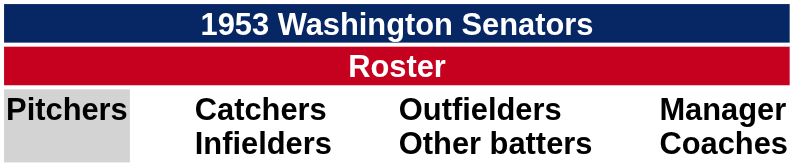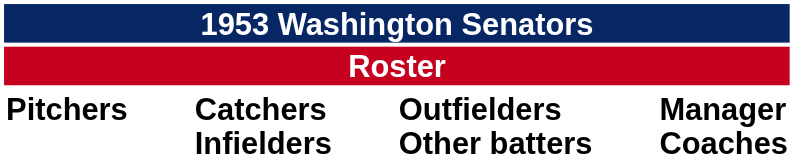 <table class="toccolours" style="font-size: 95%;">
 <tr>
 <th colspan="10" style="background-color: #072764; color: white; text-align: center;">1953 Washington Senators</th>
 </tr>
 <tr>
 <td colspan="10" style="background-color: #c6011f; color: white; text-align: center;"><strong>Roster</strong></td>
 </tr>
 <tr>
-<td valign="top" style="background: lightgrey;"><strong>Pitchers</strong><br>              </td>
+<td valign="top"><strong>Pitchers</strong><br>              </td>
 <td width="25px"></td>
 <td valign="top"><strong>Catchers</strong><br>     <strong>Infielders</strong>          </td>
 <td width="25px"></td>
 <td valign="top"><strong>Outfielders</strong><br>        <strong>Other batters</strong> </td>
 <td width="25px"></td>
 <td valign="top"><strong>Manager</strong><br> <strong>Coaches</strong>     </td>
 </tr>
 <tr>
 </tr>
 </table>
